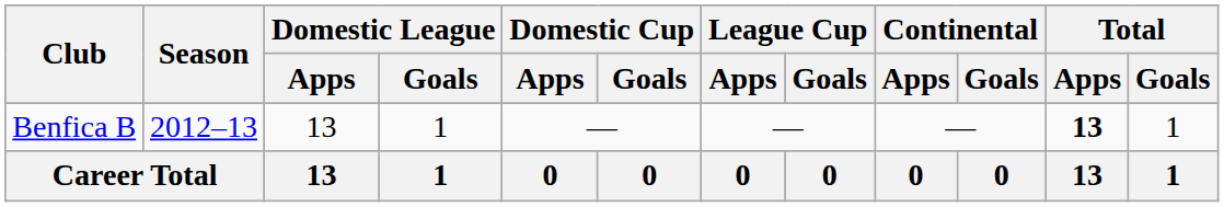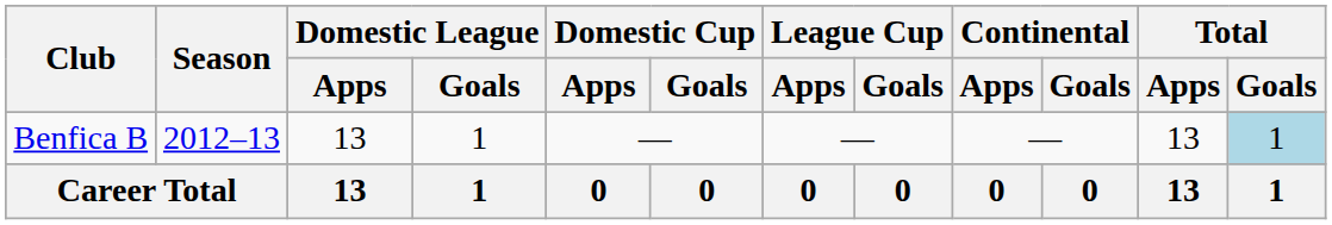 <table class="wikitable" style="text-align: center;">
 <tr>
 <th rowspan="2">Club</th>
 <th rowspan="2">Season</th>
 <th colspan="2">Domestic League</th>
 <th colspan="2">Domestic Cup</th>
 <th colspan="2">League Cup</th>
 <th colspan="2">Continental</th>
 <th colspan="2">Total</th>
 </tr>
 <tr>
 <th>Apps</th>
 <th>Goals</th>
 <th>Apps</th>
 <th>Goals</th>
 <th>Apps</th>
 <th>Goals</th>
 <th>Apps</th>
 <th>Goals</th>
 <th>Apps</th>
 <th>Goals</th>
 </tr>
 <tr>
 <td valign="center"><a href='#'>Benfica B</a></td>
 <td><a href='#'>2012–13</a></td>
 <td>13</td>
 <td>1</td>
 <td colspan="2">—</td>
 <td colspan="2">—</td>
 <td colspan="2">—</td>
-<td><strong>13</strong></td>
-<td>1</td>
+<td>13</td>
+<td style="background: lightblue;">1</td>
 </tr>
 <tr>
 <th colspan="2">Career Total</th>
 <th>13</th>
 <th>1</th>
 <th>0</th>
 <th>0</th>
 <th>0</th>
 <th>0</th>
 <th>0</th>
 <th>0</th>
 <th>13</th>
 <th>1</th>
 </tr>
 </table>
